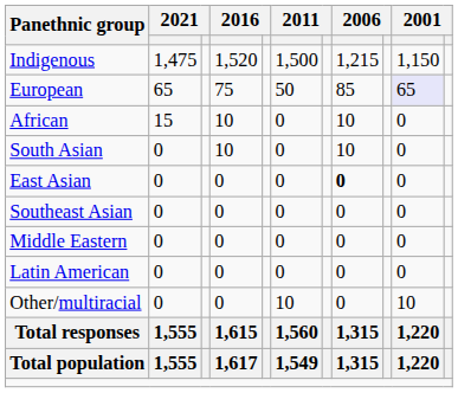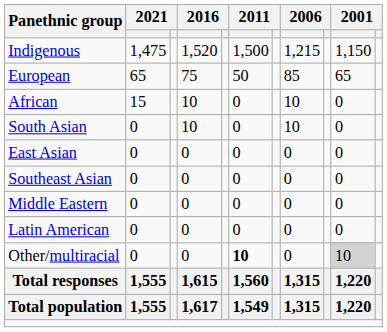 <table class="wikitable collapsible sortable">
 <tr>
 <th rowspan="2">Panethnic group</th>
 <th colspan="2">2021</th>
 <th colspan="2">2016</th>
 <th colspan="2">2011</th>
 <th colspan="2">2006</th>
 <th colspan="2">2001</th>
 </tr>
 <tr>
 <th><a href='#'></a></th>
 <th></th>
 <th></th>
 <th></th>
 <th></th>
 <th></th>
 <th></th>
 <th></th>
 <th></th>
 <th></th>
 </tr>
 <tr>
 <td><a href='#'>Indigenous</a></td>
 <td>1,475</td>
 <td></td>
 <td>1,520</td>
 <td></td>
 <td>1,500</td>
 <td></td>
 <td>1,215</td>
 <td></td>
 <td>1,150</td>
 <td></td>
 </tr>
 <tr>
 <td><a href='#'>European</a></td>
 <td>65</td>
 <td></td>
 <td>75</td>
 <td></td>
 <td>50</td>
 <td></td>
 <td>85</td>
 <td></td>
-<td style="background: lavender;">65</td>
+<td>65</td>
 <td></td>
 </tr>
 <tr>
 <td><a href='#'>African</a></td>
 <td>15</td>
 <td></td>
 <td>10</td>
 <td></td>
 <td>0</td>
 <td></td>
 <td>10</td>
 <td></td>
 <td>0</td>
 <td></td>
 </tr>
 <tr>
 <td><a href='#'>South Asian</a></td>
 <td>0</td>
 <td></td>
 <td>10</td>
 <td></td>
 <td>0</td>
 <td></td>
 <td>10</td>
 <td></td>
 <td>0</td>
 <td></td>
 </tr>
 <tr>
 <td><a href='#'>East Asian</a></td>
 <td>0</td>
 <td></td>
 <td>0</td>
 <td></td>
 <td>0</td>
 <td></td>
-<td><strong>0</strong></td>
+<td>0</td>
 <td></td>
 <td>0</td>
 <td></td>
 </tr>
 <tr>
 <td><a href='#'>Southeast Asian</a></td>
 <td>0</td>
 <td></td>
 <td>0</td>
 <td></td>
 <td>0</td>
 <td></td>
 <td>0</td>
 <td></td>
 <td>0</td>
 <td></td>
 </tr>
 <tr>
 <td><a href='#'>Middle Eastern</a></td>
 <td>0</td>
 <td></td>
 <td>0</td>
 <td></td>
 <td>0</td>
 <td></td>
 <td>0</td>
 <td></td>
 <td>0</td>
 <td></td>
 </tr>
 <tr>
 <td><a href='#'>Latin American</a></td>
 <td>0</td>
 <td></td>
 <td>0</td>
 <td></td>
 <td>0</td>
 <td></td>
 <td>0</td>
 <td></td>
 <td>0</td>
 <td></td>
 </tr>
 <tr>
 <td>Other/<a href='#'>multiracial</a></td>
 <td>0</td>
 <td></td>
 <td>0</td>
 <td></td>
-<td>10</td>
+<td><strong>10</strong></td>
 <td></td>
 <td>0</td>
 <td></td>
-<td>10</td>
+<td style="background: lightgrey;">10</td>
 <td></td>
 </tr>
 <tr>
 <th>Total responses</th>
 <th>1,555</th>
 <th></th>
 <th>1,615</th>
 <th></th>
 <th>1,560</th>
 <th></th>
 <th>1,315</th>
 <th></th>
 <th>1,220</th>
 <th></th>
 </tr>
 <tr class="sortbottom">
 <th>Total population</th>
 <th>1,555</th>
 <th></th>
 <th>1,617</th>
 <th></th>
 <th>1,549</th>
 <th></th>
 <th>1,315</th>
 <th></th>
 <th>1,220</th>
 <th></th>
 </tr>
 <tr class="sortbottom">
 <td colspan="11"></td>
 </tr>
 </table>
